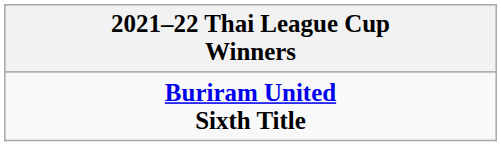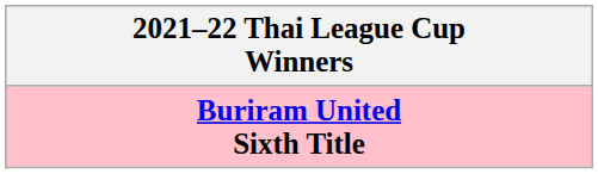 <table class="wikitable" style="text-align: center; margin: 0 auto; width: 20%">
 <tr>
 <th>2021–22 Thai League Cup<br>Winners</th>
 </tr>
 <tr>
-<td align="center"><strong><a href='#'>Buriram United</a></strong><br><strong>Sixth Title</strong></td>
+<td align="center" style="background: pink;"><strong><a href='#'>Buriram United</a></strong><br><strong>Sixth Title</strong></td>
 </tr>
 </table>
